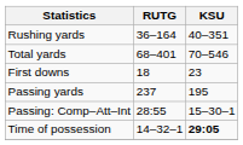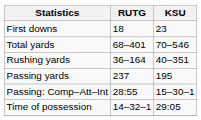 <table class="wikitable" style="float: left;">
 <tr>
 <th>Statistics</th>
 <th>RUTG</th>
 <th>KSU</th>
 </tr>
 <tr>
-<td>Rushing yards</td>
-<td>36–164</td>
-<td>40–351</td>
+<td>First downs</td>
+<td>18</td>
+<td>23</td>
 </tr>
 <tr>
 <td>Total yards</td>
 <td>68–401</td>
 <td>70–546</td>
 </tr>
 <tr>
-<td>First downs</td>
-<td>18</td>
-<td>23</td>
+<td>Rushing yards</td>
+<td>36–164</td>
+<td>40–351</td>
 </tr>
 <tr>
 <td>Passing yards</td>
 <td>237</td>
 <td>195</td>
 </tr>
 <tr>
 <td>Passing: Comp–Att–Int</td>
 <td>28:55</td>
 <td>15–30–1</td>
 </tr>
 <tr>
 <td>Time of possession</td>
 <td>14–32–1</td>
-<td><strong>29:05</strong></td>
+<td>29:05</td>
 </tr>
 <tr>
 </tr>
 </table>
